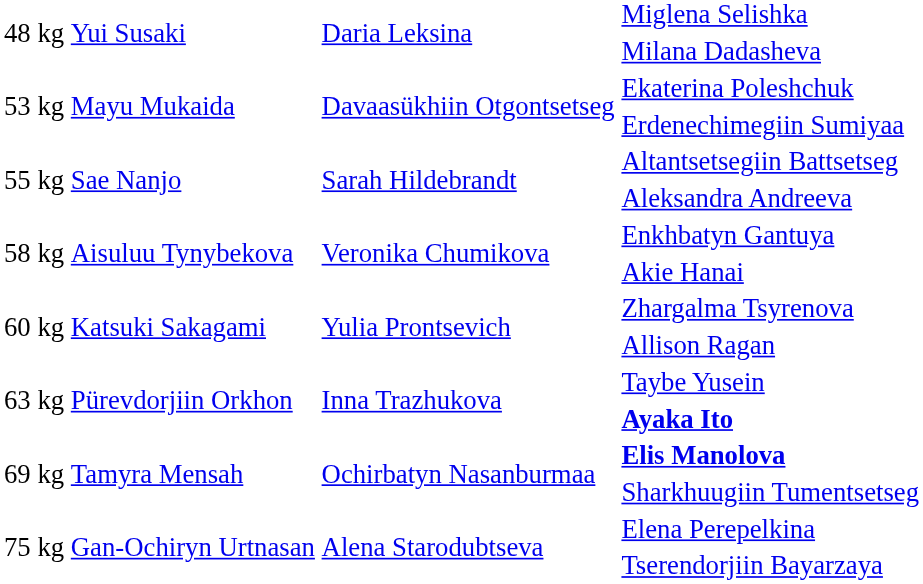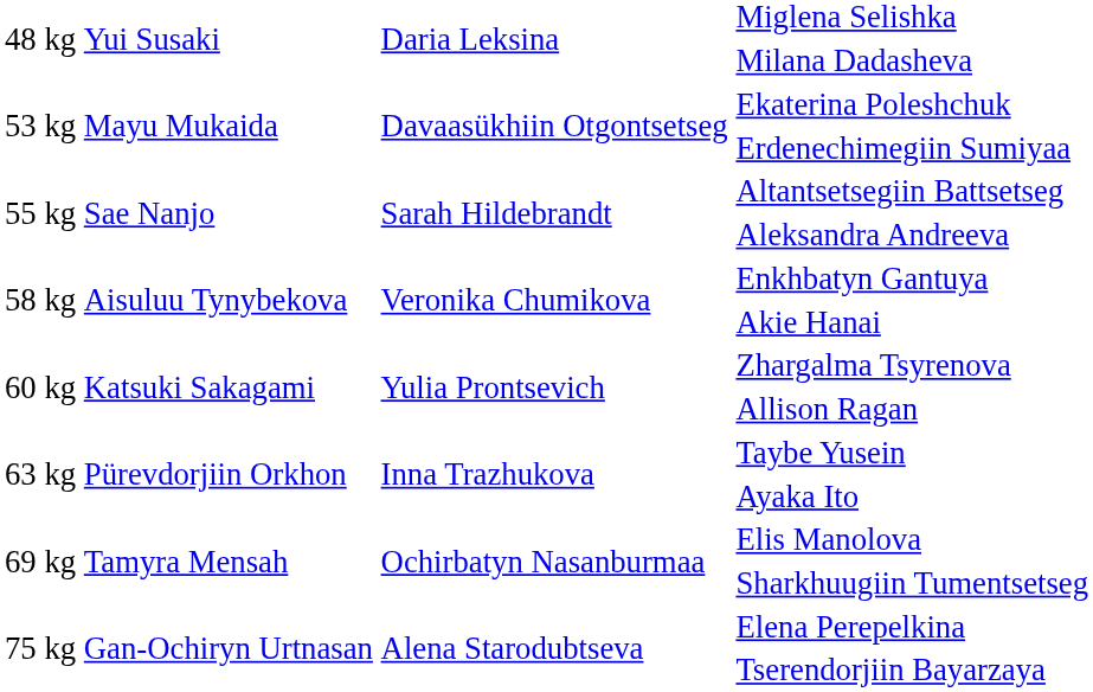 <table>
 <tr>
 <td rowspan=2>48 kg<br></td>
 <td rowspan=2> <a href='#'>Yui Susaki</a></td>
 <td rowspan=2> <a href='#'>Daria Leksina</a></td>
 <td> <a href='#'>Miglena Selishka</a></td>
 </tr>
 <tr>
 <td> <a href='#'>Milana Dadasheva</a></td>
 </tr>
 <tr>
 <td rowspan=2>53 kg<br></td>
 <td rowspan=2> <a href='#'>Mayu Mukaida</a></td>
 <td rowspan=2> <a href='#'>Davaasükhiin Otgontsetseg</a></td>
 <td> <a href='#'>Ekaterina Poleshchuk</a></td>
 </tr>
 <tr>
 <td> <a href='#'>Erdenechimegiin Sumiyaa</a></td>
 </tr>
 <tr>
 <td rowspan=2>55 kg<br></td>
 <td rowspan=2> <a href='#'>Sae Nanjo</a></td>
 <td rowspan=2> <a href='#'>Sarah Hildebrandt</a></td>
 <td> <a href='#'>Altantsetsegiin Battsetseg</a></td>
 </tr>
 <tr>
 <td> <a href='#'>Aleksandra Andreeva</a></td>
 </tr>
 <tr>
 <td rowspan=2>58 kg<br></td>
 <td rowspan=2> <a href='#'>Aisuluu Tynybekova</a></td>
 <td rowspan=2> <a href='#'>Veronika Chumikova</a></td>
 <td> <a href='#'>Enkhbatyn Gantuya</a></td>
 </tr>
 <tr>
 <td> <a href='#'>Akie Hanai</a></td>
 </tr>
 <tr>
 <td rowspan=2>60 kg<br></td>
 <td rowspan=2> <a href='#'>Katsuki Sakagami</a></td>
 <td rowspan=2> <a href='#'>Yulia Prontsevich</a></td>
 <td> <a href='#'>Zhargalma Tsyrenova</a></td>
 </tr>
 <tr>
 <td> <a href='#'>Allison Ragan</a></td>
 </tr>
 <tr>
 <td rowspan=2>63 kg<br></td>
 <td rowspan=2> <a href='#'>Pürevdorjiin Orkhon</a></td>
 <td rowspan=2> <a href='#'>Inna Trazhukova</a></td>
 <td> <a href='#'>Taybe Yusein</a></td>
 </tr>
 <tr>
-<td><strong> <a href='#'>Ayaka Ito</a></strong></td>
+<td> <a href='#'>Ayaka Ito</a></td>
 </tr>
 <tr>
 <td rowspan=2>69 kg<br></td>
 <td rowspan=2> <a href='#'>Tamyra Mensah</a></td>
 <td rowspan=2> <a href='#'>Ochirbatyn Nasanburmaa</a></td>
-<td><strong> <a href='#'>Elis Manolova</a></strong></td>
+<td> <a href='#'>Elis Manolova</a></td>
 </tr>
 <tr>
 <td> <a href='#'>Sharkhuugiin Tumentsetseg</a></td>
 </tr>
 <tr>
 <td rowspan=2>75 kg<br></td>
 <td rowspan=2> <a href='#'>Gan-Ochiryn Urtnasan</a></td>
 <td rowspan=2> <a href='#'>Alena Starodubtseva</a></td>
 <td> <a href='#'>Elena Perepelkina</a></td>
 </tr>
 <tr>
 <td> <a href='#'>Tserendorjiin Bayarzaya</a></td>
 </tr>
 </table>
